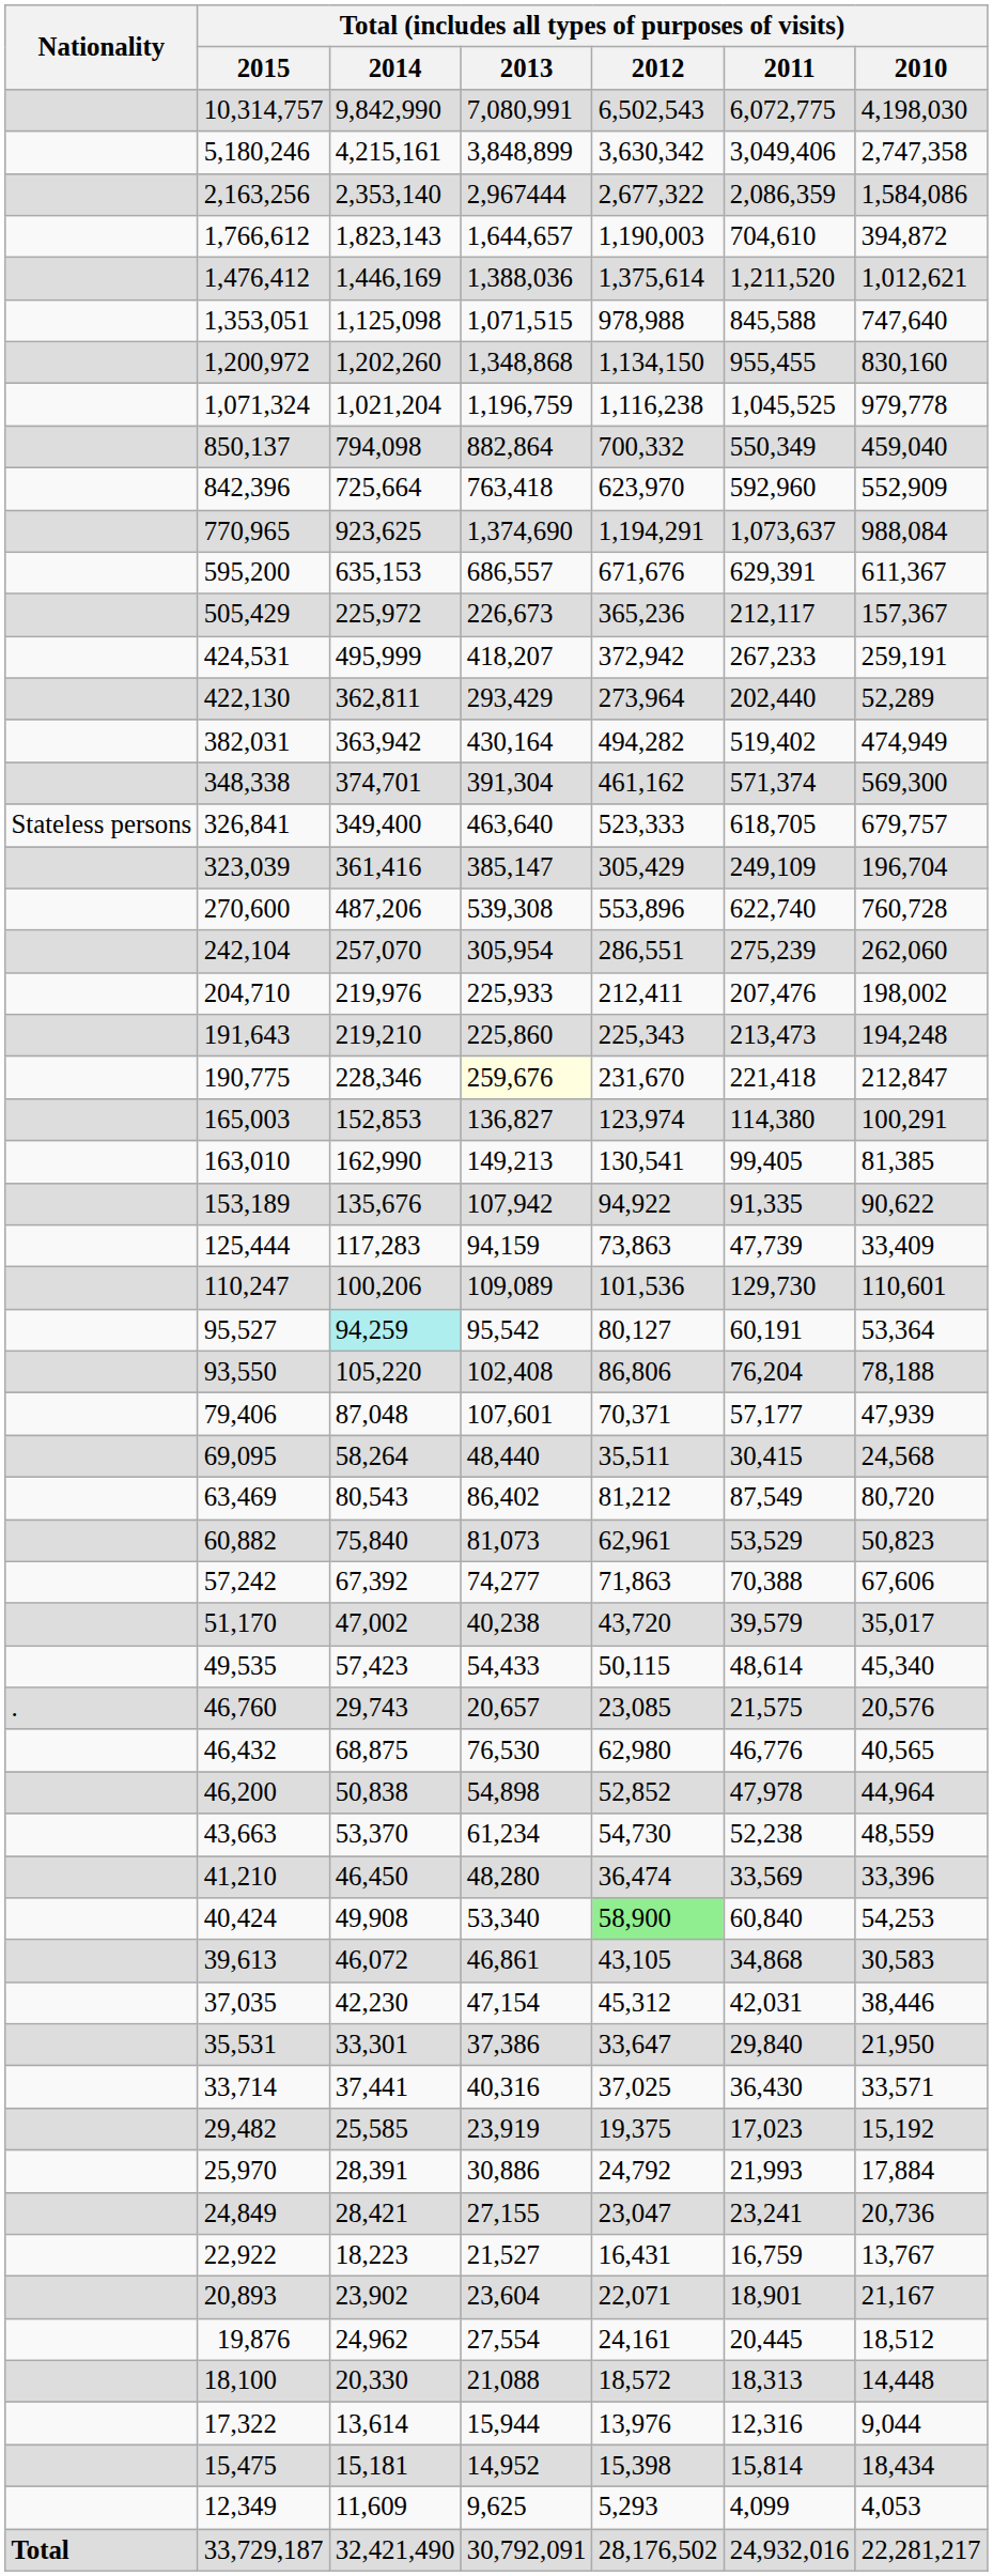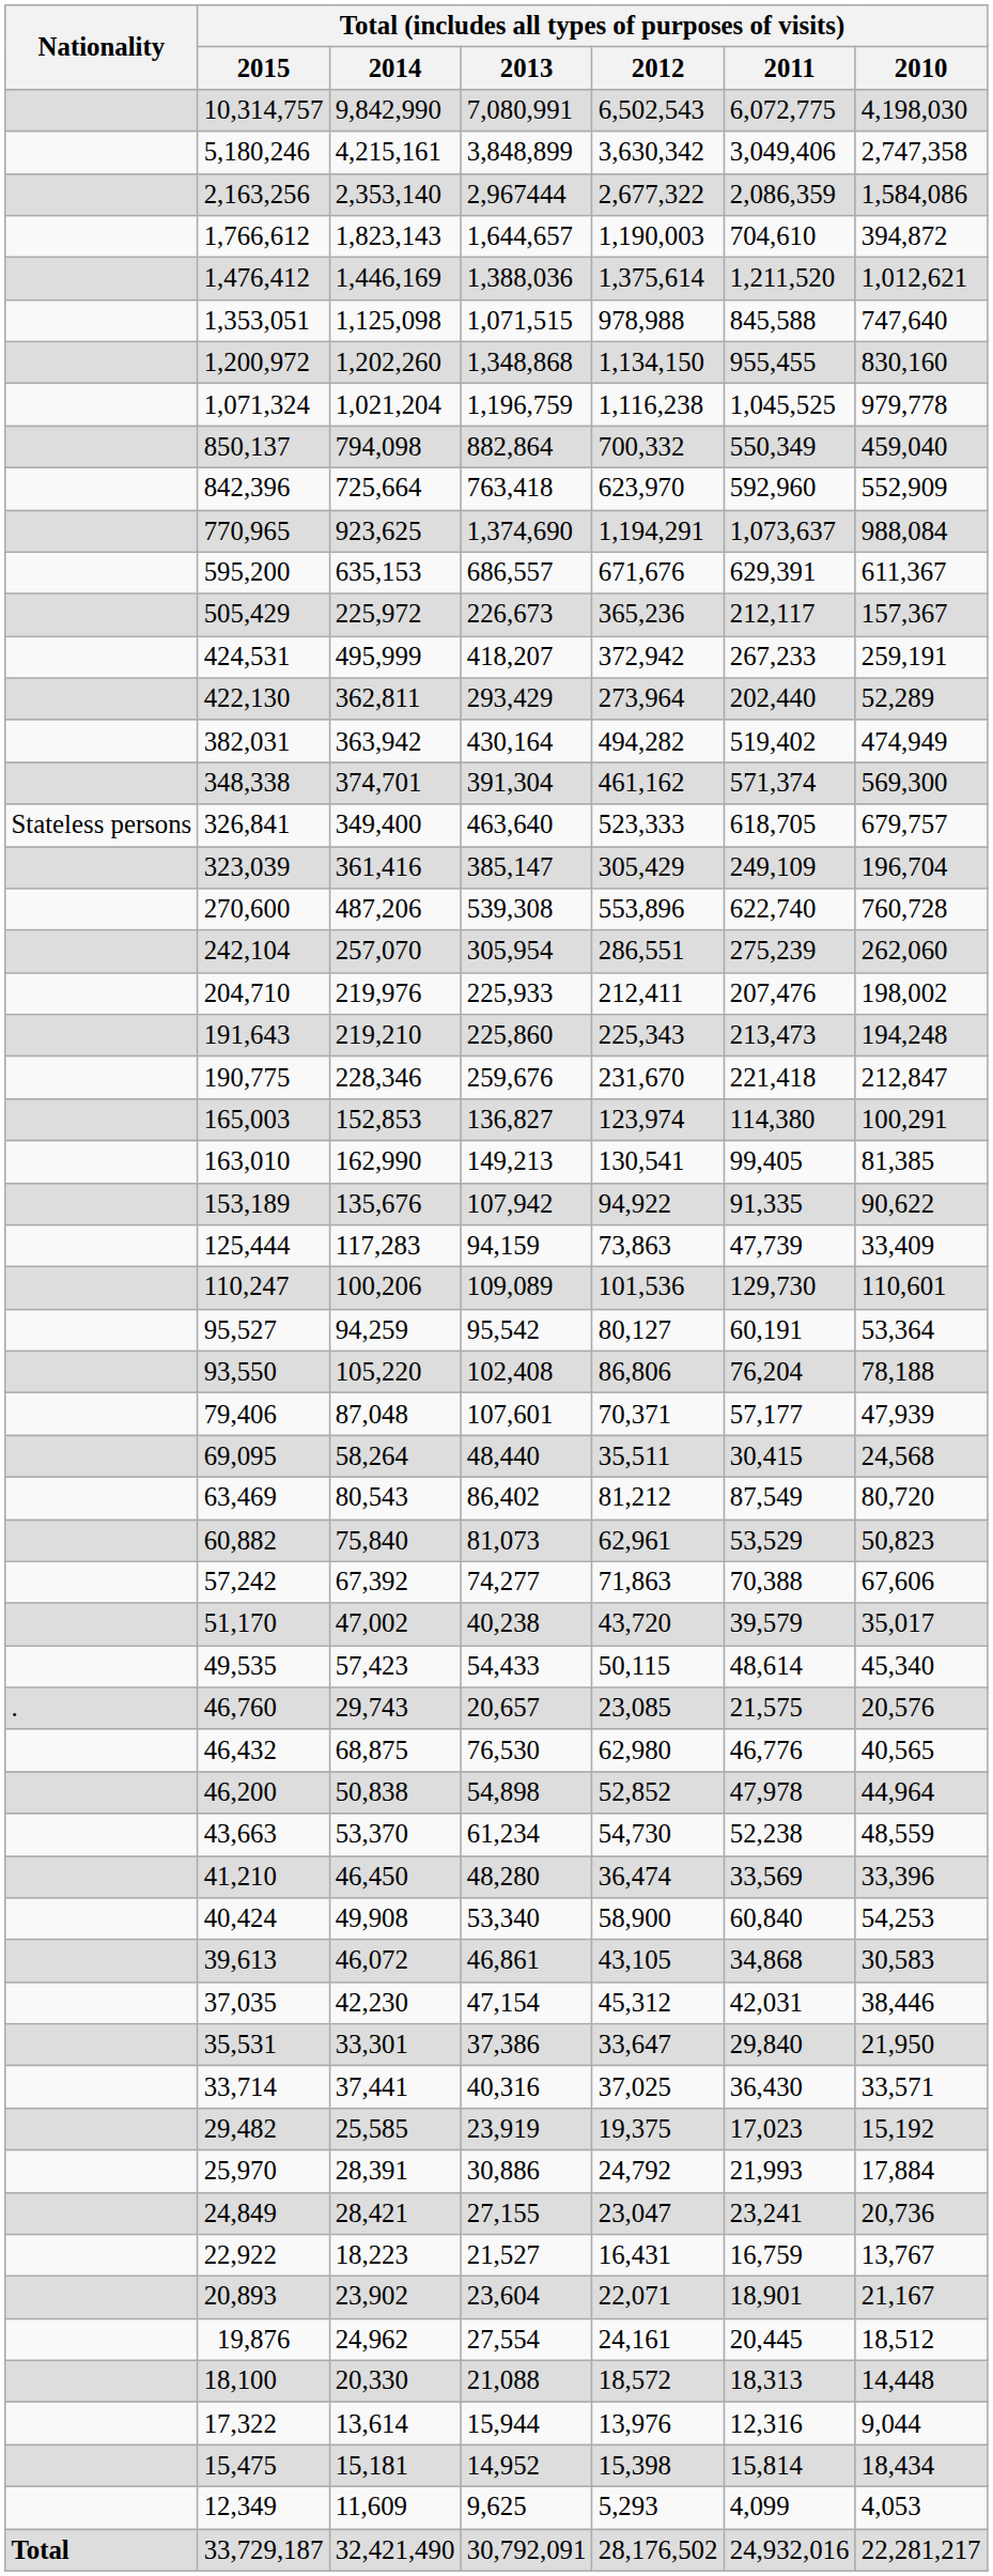 <table class="wikitable mw-collapsible mw-collapsed">
 <tr>
 <th rowspan=2>Nationality</th>
 <th colspan=6>Total (includes all types of purposes of visits)</th>
 </tr>
 <tr>
 <th>2015</th>
 <th>2014</th>
 <th>2013</th>
 <th>2012</th>
 <th>2011</th>
 <th>2010</th>
 </tr>
 <tr style="background-color:#DDDDDD;">
 <td></td>
 <td>  10,314,757</td>
 <td>  9,842,990</td>
 <td>  7,080,991</td>
 <td>  6,502,543</td>
 <td>  6,072,775</td>
 <td>4,198,030</td>
 </tr>
 <tr>
 <td></td>
 <td>  5,180,246</td>
 <td>  4,215,161</td>
 <td>  3,848,899</td>
 <td>  3,630,342</td>
 <td>  3,049,406</td>
 <td>2,747,358</td>
 </tr>
 <tr style="background-color:#DDDDDD;">
 <td></td>
 <td>  2,163,256</td>
 <td>  2,353,140</td>
 <td>  2,967444</td>
 <td>  2,677,322</td>
 <td>  2,086,359</td>
 <td>1,584,086</td>
 </tr>
 <tr>
 <td></td>
 <td>  1,766,612</td>
 <td>  1,823,143</td>
 <td>  1,644,657</td>
 <td>  1,190,003</td>
 <td>  704,610</td>
 <td>394,872</td>
 </tr>
 <tr style="background-color:#DDDDDD;">
 <td></td>
 <td>  1,476,412</td>
 <td>  1,446,169</td>
 <td>  1,388,036</td>
 <td>  1,375,614</td>
 <td>  1,211,520</td>
 <td>1,012,621</td>
 </tr>
 <tr>
 <td></td>
 <td>  1,353,051</td>
 <td>  1,125,098</td>
 <td>  1,071,515</td>
 <td>  978,988</td>
 <td>  845,588</td>
 <td>747,640</td>
 </tr>
 <tr style="background-color:#DDDDDD;">
 <td></td>
 <td>  1,200,972</td>
 <td>  1,202,260</td>
 <td>  1,348,868</td>
 <td>  1,134,150</td>
 <td>  955,455</td>
 <td>830,160</td>
 </tr>
 <tr>
 <td></td>
 <td>  1,071,324</td>
 <td>  1,021,204</td>
 <td>  1,196,759</td>
 <td>  1,116,238</td>
 <td>  1,045,525</td>
 <td>979,778</td>
 </tr>
 <tr style="background-color:#DDDDDD;">
 <td></td>
 <td>  850,137</td>
 <td>  794,098</td>
 <td>  882,864</td>
 <td>  700,332</td>
 <td>  550,349</td>
 <td>459,040</td>
 </tr>
 <tr>
 <td></td>
 <td>  842,396</td>
 <td>  725,664</td>
 <td>  763,418</td>
 <td>  623,970</td>
 <td>  592,960</td>
 <td>552,909</td>
 </tr>
 <tr style="background-color:#DDDDDD;">
 <td></td>
 <td>  770,965</td>
 <td>  923,625</td>
 <td>  1,374,690</td>
 <td>  1,194,291</td>
 <td>  1,073,637</td>
 <td>988,084</td>
 </tr>
 <tr>
 <td></td>
 <td>  595,200</td>
 <td>  635,153</td>
 <td>  686,557</td>
 <td>  671,676</td>
 <td>  629,391</td>
 <td>611,367</td>
 </tr>
 <tr style="background-color:#DDDDDD;">
 <td></td>
 <td>  505,429</td>
 <td>  225,972</td>
 <td>  226,673</td>
 <td>  365,236</td>
 <td>  212,117</td>
 <td>157,367</td>
 </tr>
 <tr>
 <td></td>
 <td>  424,531</td>
 <td>  495,999</td>
 <td>  418,207</td>
 <td>  372,942</td>
 <td>  267,233</td>
 <td>259,191</td>
 </tr>
 <tr style="background-color:#DDDDDD;">
 <td></td>
 <td>  422,130</td>
 <td>  362,811</td>
 <td>  293,429</td>
 <td>  273,964</td>
 <td>  202,440</td>
 <td>52,289</td>
 </tr>
 <tr>
 <td></td>
 <td>  382,031</td>
 <td>  363,942</td>
 <td>  430,164</td>
 <td>  494,282</td>
 <td>  519,402</td>
 <td>474,949</td>
 </tr>
 <tr style="background-color:#DDDDDD;">
 <td> </td>
 <td>  348,338</td>
 <td>  374,701</td>
 <td>  391,304</td>
 <td>  461,162</td>
 <td>  571,374</td>
 <td>569,300</td>
 </tr>
 <tr>
 <td>Stateless persons</td>
 <td>  326,841</td>
 <td>  349,400</td>
 <td>  463,640</td>
 <td>  523,333</td>
 <td>  618,705</td>
 <td>679,757</td>
 </tr>
 <tr style="background-color:#DDDDDD;">
 <td></td>
 <td>  323,039</td>
 <td>  361,416</td>
 <td>  385,147</td>
 <td>  305,429</td>
 <td>  249,109</td>
 <td>196,704</td>
 </tr>
 <tr>
 <td></td>
 <td>  270,600</td>
 <td>  487,206</td>
 <td>  539,308</td>
 <td>  553,896</td>
 <td>  622,740</td>
 <td>760,728</td>
 </tr>
 <tr style="background-color:#DDDDDD;">
 <td></td>
 <td>  242,104</td>
 <td>  257,070</td>
 <td>  305,954</td>
 <td>  286,551</td>
 <td>  275,239</td>
 <td>262,060</td>
 </tr>
 <tr>
 <td></td>
 <td>  204,710</td>
 <td>  219,976</td>
 <td>  225,933</td>
 <td>  212,411</td>
 <td>  207,476</td>
 <td>198,002</td>
 </tr>
 <tr style="background-color:#DDDDDD;">
 <td></td>
 <td>  191,643</td>
 <td>  219,210</td>
 <td>  225,860</td>
 <td>  225,343</td>
 <td>  213,473</td>
 <td>194,248</td>
 </tr>
 <tr>
 <td></td>
 <td> 190,775</td>
 <td>  228,346</td>
-<td style="background: lightyellow;">  259,676</td>
+<td>  259,676</td>
 <td>  231,670</td>
 <td>  221,418</td>
 <td>212,847</td>
 </tr>
 <tr style="background-color:#DDDDDD;">
 <td></td>
 <td>  165,003</td>
 <td>  152,853</td>
 <td>  136,827</td>
 <td>  123,974</td>
 <td>  114,380</td>
 <td>100,291</td>
 </tr>
 <tr>
 <td></td>
 <td>  163,010</td>
 <td>  162,990</td>
 <td>  149,213</td>
 <td>  130,541</td>
 <td>  99,405</td>
 <td>81,385</td>
 </tr>
 <tr style="background-color:#DDDDDD;">
 <td></td>
 <td>  153,189</td>
 <td>  135,676</td>
 <td>  107,942</td>
 <td>  94,922</td>
 <td>  91,335</td>
 <td>90,622</td>
 </tr>
 <tr>
 <td></td>
 <td>  125,444</td>
 <td>  117,283</td>
 <td>  94,159</td>
 <td>  73,863</td>
 <td>  47,739</td>
 <td>33,409</td>
 </tr>
 <tr style="background-color:#DDDDDD;">
 <td></td>
 <td>  110,247</td>
 <td>  100,206</td>
 <td>  109,089</td>
 <td>  101,536</td>
 <td>  129,730</td>
 <td>110,601</td>
 </tr>
 <tr>
 <td></td>
 <td>  95,527</td>
-<td style="background: paleturquoise;">  94,259</td>
+<td>  94,259</td>
 <td>  95,542</td>
 <td>  80,127</td>
 <td>  60,191</td>
 <td>53,364</td>
 </tr>
 <tr style="background-color:#DDDDDD;">
 <td></td>
 <td>  93,550</td>
 <td>  105,220</td>
 <td>  102,408</td>
 <td>  86,806</td>
 <td>  76,204</td>
 <td>78,188</td>
 </tr>
 <tr>
 <td></td>
 <td>  79,406</td>
 <td>  87,048</td>
 <td>  107,601</td>
 <td>  70,371</td>
 <td>  57,177</td>
 <td>47,939</td>
 </tr>
 <tr style="background-color:#DDDDDD;">
 <td></td>
 <td>  69,095</td>
 <td>  58,264</td>
 <td>  48,440</td>
 <td>  35,511</td>
 <td>  30,415</td>
 <td>24,568</td>
 </tr>
 <tr>
 <td></td>
 <td>  63,469</td>
 <td>  80,543</td>
 <td>  86,402</td>
 <td>  81,212</td>
 <td>  87,549</td>
 <td>80,720</td>
 </tr>
 <tr style="background-color:#DDDDDD;">
 <td></td>
 <td>  60,882</td>
 <td>  75,840</td>
 <td>  81,073</td>
 <td>  62,961</td>
 <td>  53,529</td>
 <td>50,823</td>
 </tr>
 <tr>
 <td></td>
 <td>  57,242</td>
 <td>  67,392</td>
 <td>  74,277</td>
 <td>  71,863</td>
 <td>  70,388</td>
 <td>67,606</td>
 </tr>
 <tr style="background-color:#DDDDDD;">
 <td></td>
 <td>  51,170</td>
 <td>  47,002</td>
 <td>  40,238</td>
 <td>  43,720</td>
 <td>  39,579</td>
 <td>35,017</td>
 </tr>
 <tr>
 <td></td>
 <td>  49,535</td>
 <td>  57,423</td>
 <td>  54,433</td>
 <td>  50,115</td>
 <td>  48,614</td>
 <td>45,340</td>
 </tr>
 <tr style="background-color:#DDDDDD;">
 <td>.</td>
 <td>  46,760</td>
 <td>  29,743</td>
 <td>  20,657</td>
 <td>  23,085</td>
 <td>  21,575</td>
 <td>20,576</td>
 </tr>
 <tr>
 <td></td>
 <td>  46,432</td>
 <td>  68,875</td>
 <td>  76,530</td>
 <td>  62,980</td>
 <td>  46,776</td>
 <td>40,565</td>
 </tr>
 <tr style="background-color:#DDDDDD;">
 <td></td>
 <td>  46,200</td>
 <td>  50,838</td>
 <td>  54,898</td>
 <td>  52,852</td>
 <td>  47,978</td>
 <td>44,964</td>
 </tr>
 <tr>
 <td></td>
 <td>  43,663</td>
 <td>  53,370</td>
 <td>  61,234</td>
 <td>  54,730</td>
 <td>  52,238</td>
 <td>48,559</td>
 </tr>
 <tr style="background-color:#DDDDDD;">
 <td></td>
 <td>  41,210</td>
 <td>  46,450</td>
 <td>  48,280</td>
 <td>  36,474</td>
 <td>  33,569</td>
 <td>33,396</td>
 </tr>
 <tr>
 <td></td>
 <td>  40,424</td>
 <td>  49,908</td>
 <td>  53,340</td>
-<td style="background: lightgreen;">  58,900</td>
+<td>  58,900</td>
 <td>  60,840</td>
 <td>54,253</td>
 </tr>
 <tr style="background-color:#DDDDDD;">
 <td></td>
 <td>  39,613</td>
 <td>  46,072</td>
 <td>  46,861</td>
 <td>  43,105</td>
 <td>  34,868</td>
 <td>30,583</td>
 </tr>
 <tr>
 <td></td>
 <td>  37,035</td>
 <td>  42,230</td>
 <td>  47,154</td>
 <td>  45,312</td>
 <td>  42,031</td>
 <td>38,446</td>
 </tr>
 <tr style="background-color:#DDDDDD;">
 <td></td>
 <td>  35,531</td>
 <td>  33,301</td>
 <td>  37,386</td>
 <td>  33,647</td>
 <td>  29,840</td>
 <td>21,950</td>
 </tr>
 <tr>
 <td></td>
 <td>  33,714</td>
 <td>  37,441</td>
 <td>  40,316</td>
 <td>  37,025</td>
 <td>  36,430</td>
 <td>33,571</td>
 </tr>
 <tr style="background-color:#DDDDDD;">
 <td></td>
 <td>  29,482</td>
 <td>  25,585</td>
 <td>  23,919</td>
 <td>  19,375</td>
 <td>  17,023</td>
 <td>15,192</td>
 </tr>
 <tr>
 <td></td>
 <td>  25,970</td>
 <td>  28,391</td>
 <td>  30,886</td>
 <td>  24,792</td>
 <td>  21,993</td>
 <td>17,884</td>
 </tr>
 <tr style="background-color:#DDDDDD;">
 <td></td>
 <td>  24,849</td>
 <td>  28,421</td>
 <td>  27,155</td>
 <td>  23,047</td>
 <td>  23,241</td>
 <td>20,736</td>
 </tr>
 <tr>
 <td></td>
 <td>  22,922</td>
 <td>  18,223</td>
 <td>  21,527</td>
 <td>  16,431</td>
 <td>  16,759</td>
 <td>13,767</td>
 </tr>
 <tr style="background-color:#DDDDDD;">
 <td></td>
 <td>  20,893</td>
 <td>  23,902</td>
 <td>  23,604</td>
 <td>  22,071</td>
 <td>  18,901</td>
 <td>21,167</td>
 </tr>
 <tr>
 <td></td>
 <td>    19,876</td>
 <td>  24,962</td>
 <td>  27,554</td>
 <td>  24,161</td>
 <td>  20,445</td>
 <td>18,512</td>
 </tr>
 <tr style="background-color:#DDDDDD;">
 <td></td>
 <td>  18,100</td>
 <td>  20,330</td>
 <td>  21,088</td>
 <td>  18,572</td>
 <td>  18,313</td>
 <td>14,448</td>
 </tr>
 <tr>
 <td></td>
 <td>  17,322</td>
 <td>  13,614</td>
 <td>  15,944</td>
 <td>  13,976</td>
 <td>  12,316</td>
 <td>9,044</td>
 </tr>
 <tr style="background-color:#DDDDDD;">
 <td></td>
 <td>  15,475</td>
 <td>  15,181</td>
 <td>  14,952</td>
 <td>  15,398</td>
 <td>  15,814</td>
 <td>18,434</td>
 </tr>
 <tr>
 <td></td>
 <td>  12,349</td>
 <td>  11,609</td>
 <td>  9,625</td>
 <td>  5,293</td>
 <td>  4,099</td>
 <td>4,053</td>
 </tr>
 <tr style="background-color:#DDDDDD;">
 <td><strong>Total</strong></td>
 <td>  33,729,187</td>
 <td>  32,421,490</td>
 <td>  30,792,091</td>
 <td>  28,176,502</td>
 <td>  24,932,016</td>
 <td>  22,281,217</td>
 </tr>
 </table>
